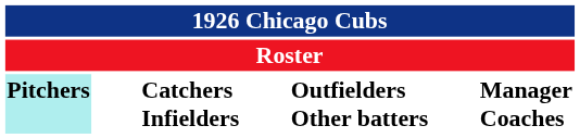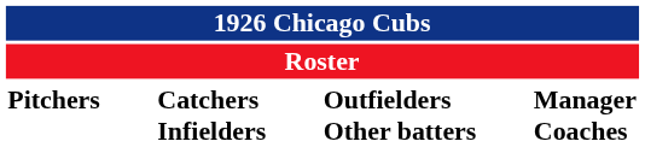 <table class="toccolours" style="font-size: 95%;">
 <tr>
 <th colspan="10" style="background-color: #0e3386; color: white; text-align: center;">1926 Chicago Cubs</th>
 </tr>
 <tr>
 <td colspan="10" style="background-color: #EE1422; color: white; text-align: center;"><strong>Roster</strong></td>
 </tr>
 <tr>
-<td valign="top" style="background: paleturquoise;"><strong>Pitchers</strong><br>           </td>
+<td valign="top"><strong>Pitchers</strong><br>           </td>
 <td width="25px"></td>
 <td valign="top"><strong>Catchers</strong><br>   <strong>Infielders</strong>         </td>
 <td width="25px"></td>
 <td valign="top"><strong>Outfielders</strong><br>       <strong>Other batters</strong> </td>
 <td width="25px"></td>
 <td valign="top"><strong>Manager</strong><br> <strong>Coaches</strong>  </td>
 </tr>
 </table>
